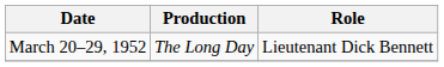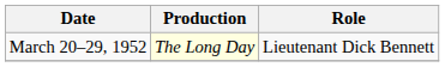 <table class="wikitable sortable">
 <tr>
 <th>Date</th>
 <th>Production</th>
 <th>Role</th>
 </tr>
 <tr>
 <td>March 20–29, 1952</td>
-<td><em>The Long Day</em></td>
+<td style="background: lightyellow;"><em>The Long Day</em></td>
 <td>Lieutenant Dick Bennett</td>
 </tr>
 <tr>
 </tr>
 </table>
